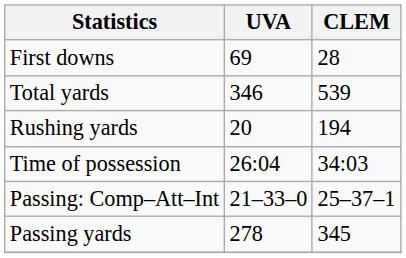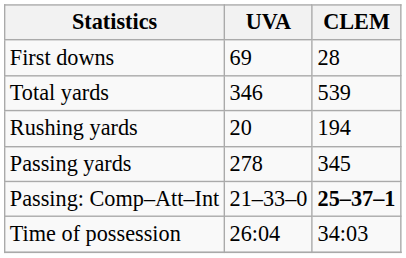 <table class="wikitable" style="float: left;">
 <tr>
 <th>Statistics</th>
 <th>UVA</th>
 <th>CLEM</th>
 </tr>
 <tr>
 <td>First downs</td>
 <td>69</td>
 <td>28</td>
 </tr>
 <tr>
 <td>Total yards</td>
 <td>346</td>
 <td>539</td>
 </tr>
 <tr>
 <td>Rushing yards</td>
 <td>20</td>
 <td>194</td>
 </tr>
 <tr>
+<td>Passing yards</td>
+<td>278</td>
+<td>345</td>
+</tr>
+<tr>
+<td>Passing: Comp–Att–Int</td>
+<td>21–33–0</td>
+<td><strong>25–37–1</strong></td>
+</tr>
+<tr>
 <td>Time of possession</td>
 <td>26:04</td>
 <td>34:03</td>
 </tr>
 <tr>
-<td>Passing: Comp–Att–Int</td>
-<td>21–33–0</td>
-<td>25–37–1</td>
-</tr>
-<tr>
-<td>Passing yards</td>
-<td>278</td>
-<td>345</td>
-</tr>
-<tr>
 </tr>
 </table>
